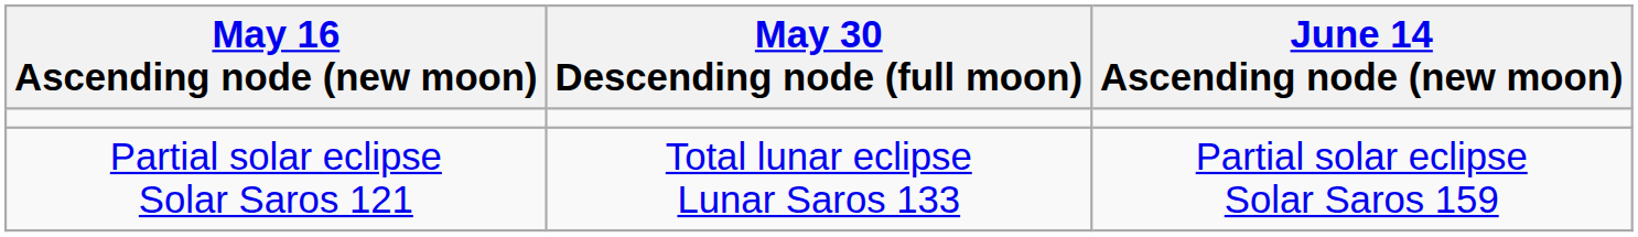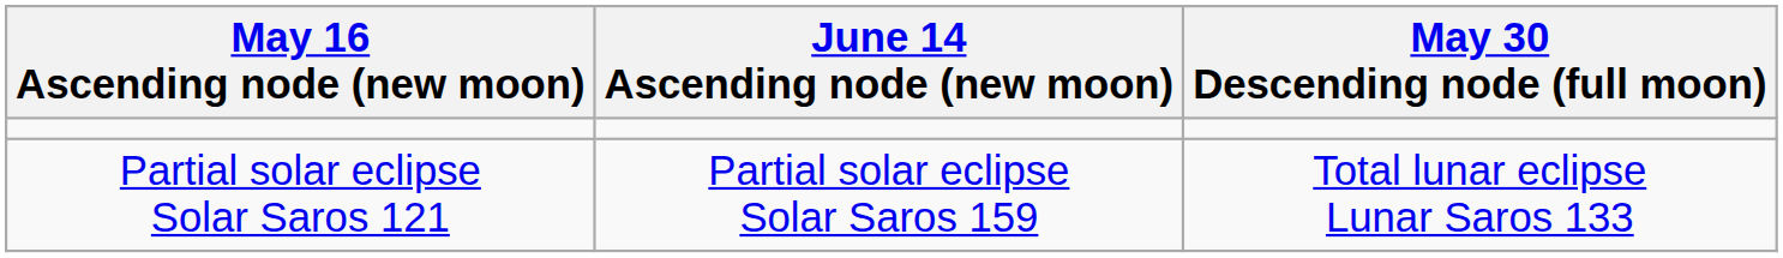 <table class="wikitable">
 <tr>
 <th><a href='#'>May 16</a><br>Ascending node (new moon)<br></th>
+<th><a href='#'>June 14</a><br>Ascending node (new moon)<br></th>
 <th><a href='#'>May 30</a><br>Descending node (full moon)<br></th>
-<th><a href='#'>June 14</a><br>Ascending node (new moon)<br></th>
 </tr>
 <tr>
 <td></td>
 <td></td>
 <td></td>
 </tr>
 <tr align=center>
 <td><a href='#'>Partial solar eclipse</a><br><a href='#'>Solar Saros 121</a></td>
+<td><a href='#'>Partial solar eclipse</a><br><a href='#'>Solar Saros 159</a></td>
 <td><a href='#'>Total lunar eclipse</a><br><a href='#'>Lunar Saros 133</a></td>
-<td><a href='#'>Partial solar eclipse</a><br><a href='#'>Solar Saros 159</a></td>
 </tr>
 </table>
